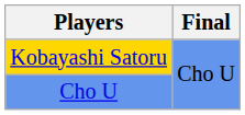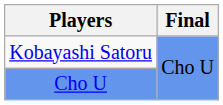 <table class="wikitable" style="text-align:center;">
 <tr>
 <th>Players</th>
 <th colspan="2">Final</th>
 </tr>
 <tr ---->
-<td style="background: gold;"><a href='#'>Kobayashi Satoru</a></td>
+<td><a href='#'>Kobayashi Satoru</a></td>
 <td rowspan="2" bgcolor="#6495ED">Cho U</td>
 </tr>
 <tr ---->
 <td bgcolor="#6495ED"><a href='#'>Cho U</a></td>
 </tr>
 </table>
